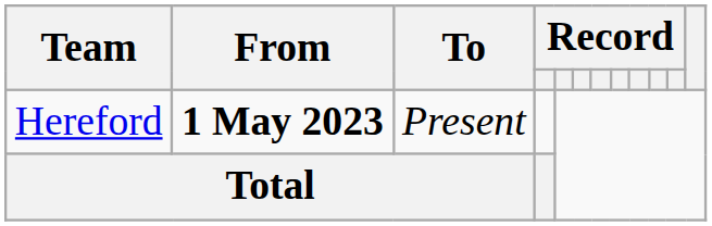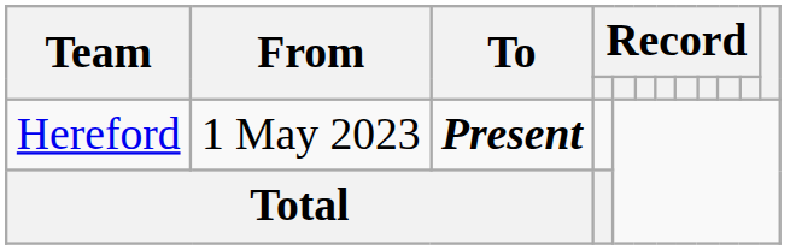 <table class=wikitable style="text-align: center;">
 <tr>
 <th rowspan=2>Team</th>
 <th rowspan=2>From</th>
 <th rowspan=2>To</th>
 <th colspan=8>Record</th>
 <th rowspan=2></th>
 </tr>
 <tr>
 <th></th>
 <th></th>
 <th></th>
 <th></th>
 <th></th>
 <th></th>
 <th></th>
 <th></th>
 </tr>
 <tr>
 <td align=left><a href='#'>Hereford</a></td>
-<td align=left><strong>1 May 2023</strong></td>
-<td align=left><em>Present</em><br></td>
+<td align=left>1 May 2023</td>
+<td align=left><strong><em>Present</em><br></strong></td>
 <td></td>
 </tr>
 <tr>
 <th colspan=3>Total<br></th>
 <th></th>
 </tr>
 </table>
